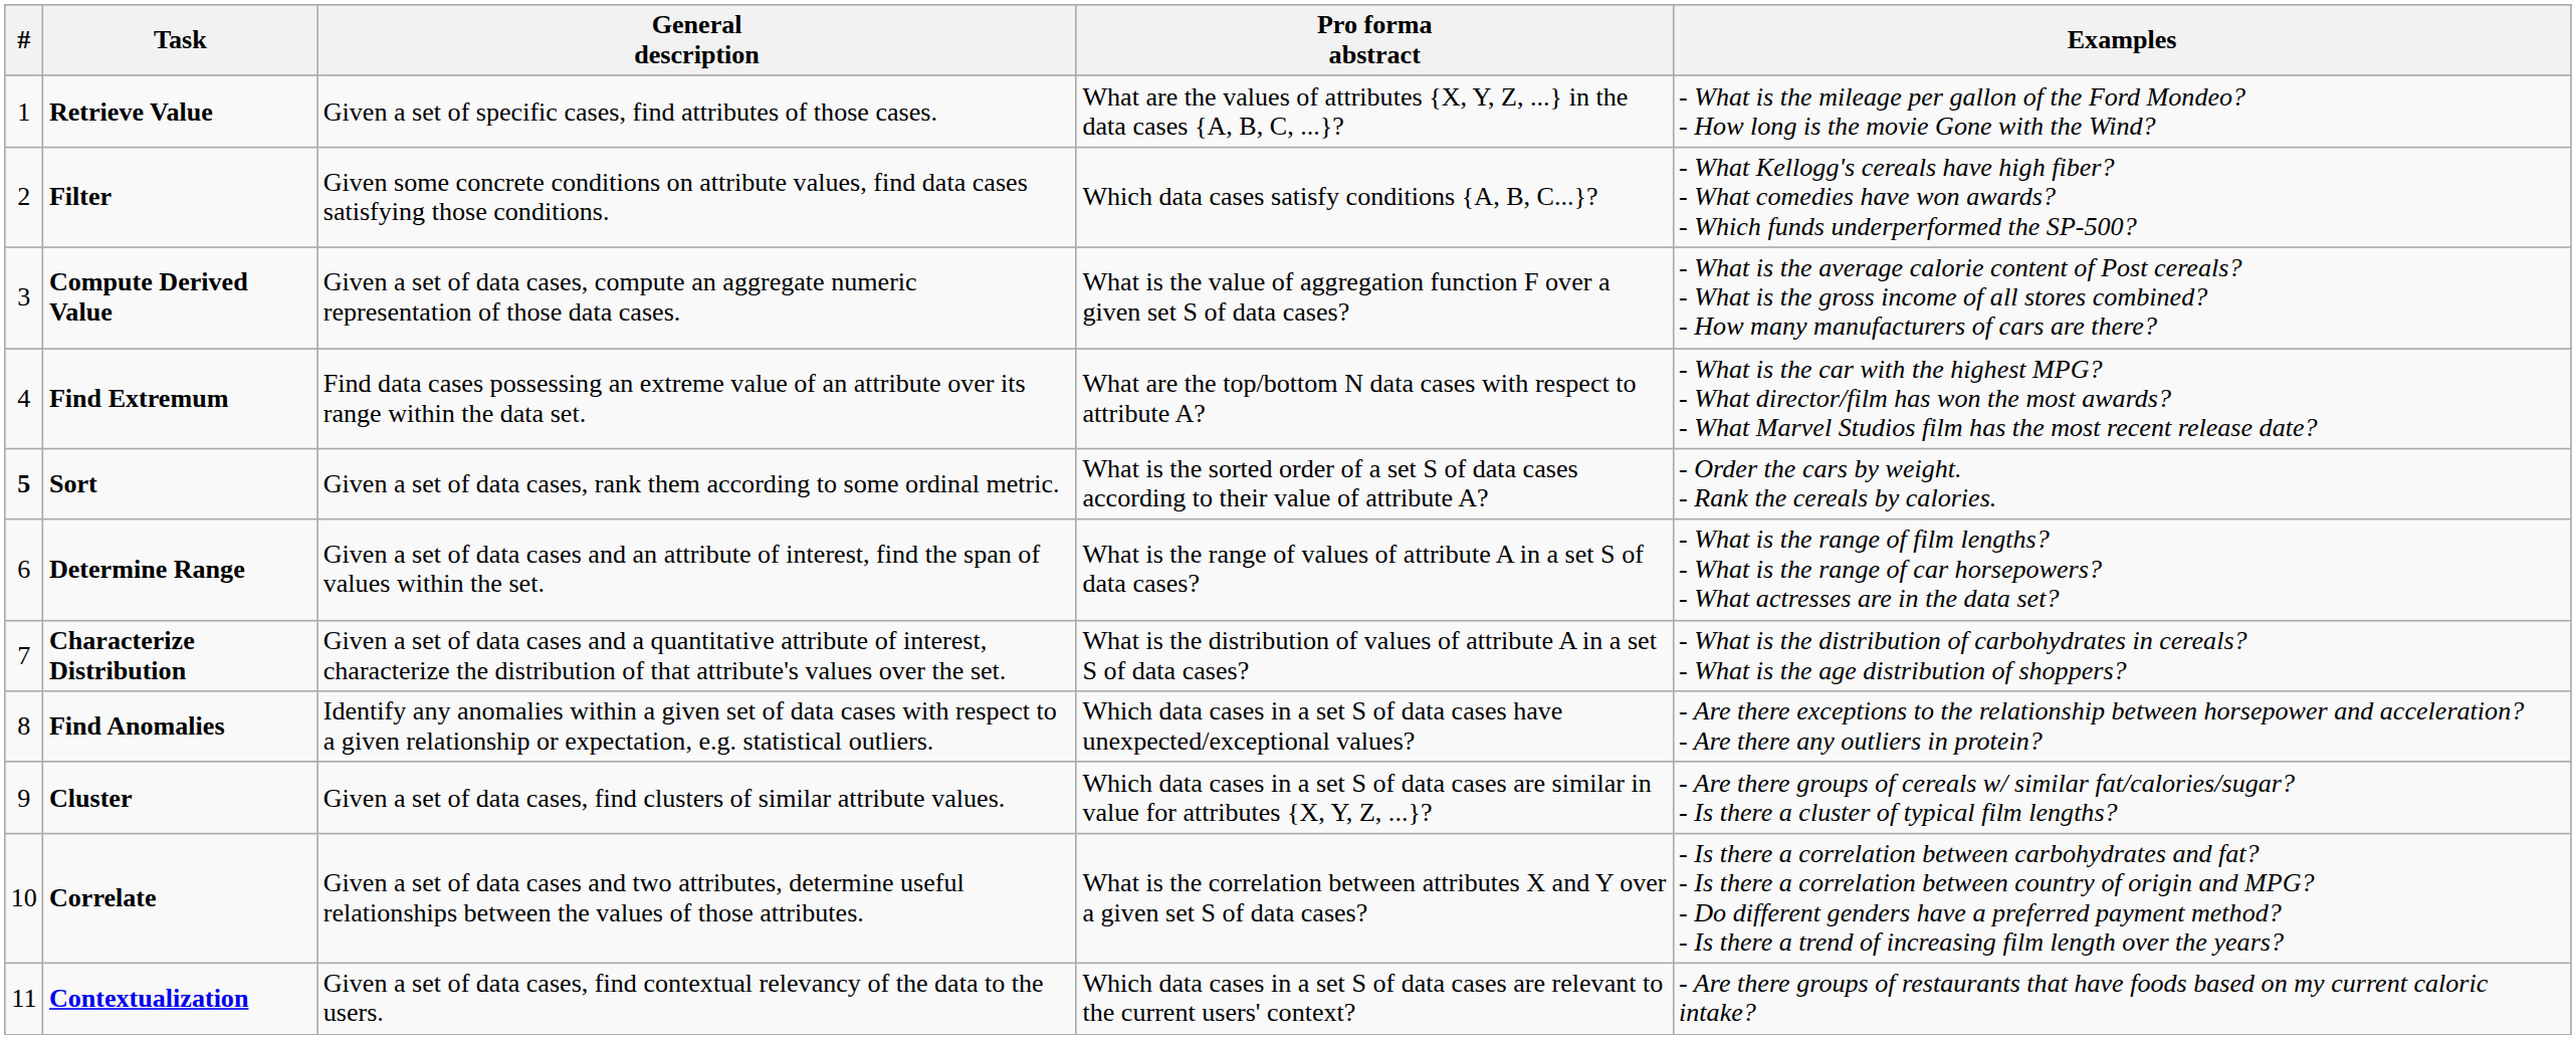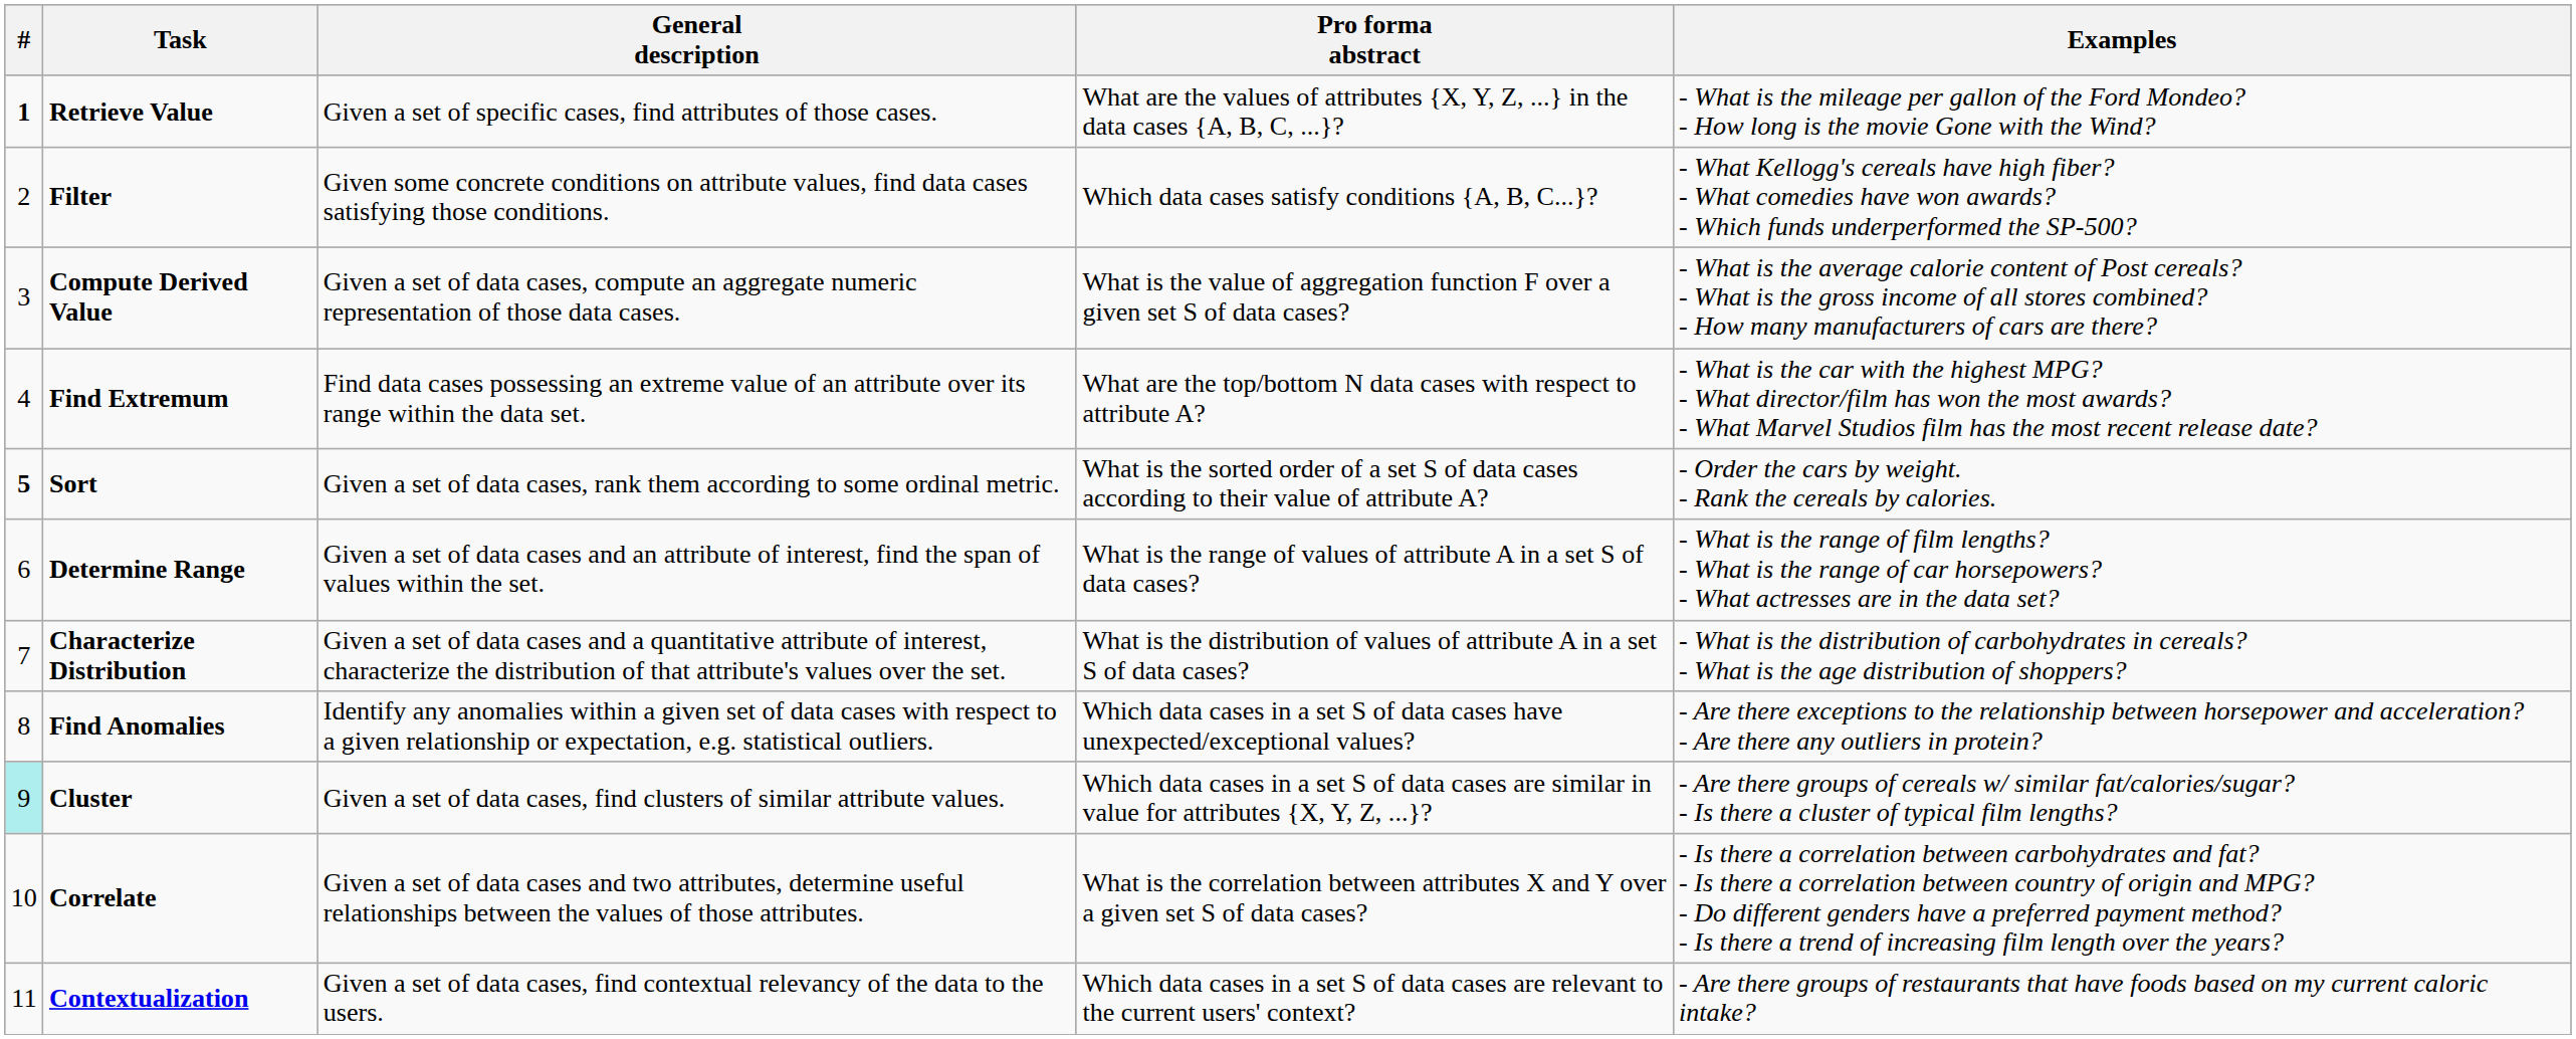 <table class="wikitable">
 <tr>
 <th align="center">#</th>
 <th width="160">Task</th>
 <th>General<br>description</th>
 <th>Pro forma<br>abstract</th>
 <th width="35%">Examples</th>
 </tr>
 <tr>
-<td align="center">1</td>
+<td align="center"><strong>1</strong></td>
 <td><strong>Retrieve Value</strong></td>
 <td>Given a set of specific cases, find attributes of those cases.</td>
 <td>What are the values of attributes {X, Y, Z, ...} in the data cases {A, B, C, ...}?</td>
 <td><em>- What is the mileage per gallon of the Ford Mondeo?</em><br><em>- How long is the movie Gone with the Wind?</em></td>
 </tr>
 <tr>
 <td align="center">2</td>
 <td><strong> Filter</strong></td>
 <td>Given some concrete conditions on attribute values, find data cases satisfying those conditions.</td>
 <td>Which data cases satisfy conditions {A, B, C...}?</td>
 <td><em>- What Kellogg's cereals have high fiber?</em><br><em>- What comedies have won awards?</em><br><em>- Which funds underperformed the SP-500?</em></td>
 </tr>
 <tr>
 <td align="center">3</td>
 <td><strong>Compute Derived Value</strong></td>
 <td>Given a set of data cases, compute an aggregate numeric representation of those data cases.</td>
 <td>What is the value of aggregation function F over a given set S of data cases?</td>
 <td><em>- What is the average calorie content of Post cereals?</em><br><em>- What is the gross income of all stores combined?</em><br><em>- How many manufacturers of cars are there?</em></td>
 </tr>
 <tr>
 <td align="center">4</td>
 <td><strong>Find Extremum</strong></td>
 <td>Find data cases possessing an extreme value of an attribute over its range within the data set.</td>
 <td>What are the top/bottom N data cases with respect to attribute A?</td>
 <td><em>- What is the car with the highest MPG?</em><br><em>- What director/film has won the most awards?</em><br><em>- What Marvel Studios film has the most recent release date?</em></td>
 </tr>
 <tr>
 <td align="center"><strong>5</strong></td>
 <td><strong>Sort</strong></td>
 <td>Given a set of data cases, rank them according to some ordinal metric.</td>
 <td>What is the sorted order of a set S of data cases according to their value of attribute A?</td>
 <td><em>- Order the cars by weight.</em><br><em>- Rank the cereals by calories.</em></td>
 </tr>
 <tr>
 <td align="center">6</td>
 <td><strong>Determine Range</strong></td>
 <td>Given a set of data cases and an attribute of interest, find the span of values within the set.</td>
 <td>What is the range of values of attribute A in a set S of data cases?</td>
 <td><em>- What is the range of film lengths?</em><br><em>- What is the range of car horsepowers?</em><br><em>- What actresses are in the data set?</em></td>
 </tr>
 <tr>
 <td align="center">7</td>
 <td><strong>Characterize Distribution</strong></td>
 <td>Given a set of data cases and a quantitative attribute of interest, characterize the distribution of that attribute's values over the set.</td>
 <td>What is the distribution of values of attribute A in a set S of data cases?</td>
 <td><em>- What is the distribution of carbohydrates in cereals?</em><br><em>- What is the age distribution of shoppers?</em></td>
 </tr>
 <tr>
 <td align="center">8</td>
 <td><strong>Find Anomalies</strong></td>
 <td>Identify any anomalies within a given set of data cases with respect to a given relationship or expectation, e.g. statistical outliers.</td>
 <td>Which data cases in a set S of data cases have unexpected/exceptional values?</td>
 <td><em>- Are there exceptions to the relationship between horsepower and acceleration?</em><br><em>- Are there any outliers in protein?</em></td>
 </tr>
 <tr>
-<td align="center">9</td>
+<td align="center" style="background: paleturquoise;">9</td>
 <td><strong>Cluster</strong></td>
 <td>Given a set of data cases, find clusters of similar attribute values.</td>
 <td>Which data cases in a set S of data cases are similar in value for attributes {X, Y, Z, ...}?</td>
 <td><em>- Are there groups of cereals w/ similar fat/calories/sugar?</em><br><em>- Is there a cluster of typical film lengths?</em></td>
 </tr>
 <tr>
 <td align="center">10</td>
 <td><strong>Correlate</strong></td>
 <td>Given a set of data cases and two attributes, determine useful relationships between the values of those attributes.</td>
 <td>What is the correlation between attributes X and Y over a given set S of data cases?</td>
 <td><em>- Is there a correlation between carbohydrates and fat?</em><br><em>- Is there a correlation between country of origin and MPG?</em><br><em>- Do different genders have a preferred payment method?</em><br><em>- Is there a trend of increasing film length over the years?</em></td>
 </tr>
 <tr>
 <td align="center">11</td>
 <td><strong><a href='#'>Contextualization</a></strong></td>
 <td>Given a set of data cases, find contextual relevancy of the data to the users.</td>
 <td>Which data cases in a set S of data cases are relevant to the current users' context?</td>
 <td><em>- Are there groups of restaurants that have foods based on my current caloric intake?</em></td>
 </tr>
 <tr>
 </tr>
 </table>
